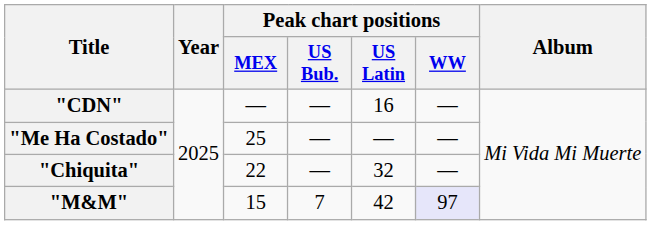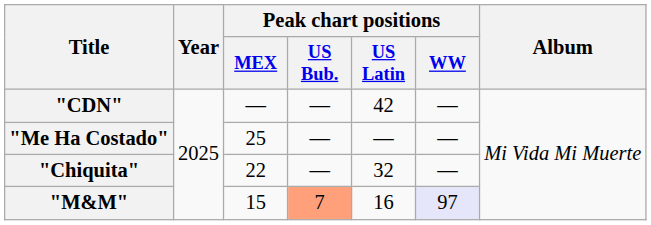 <table class="wikitable plainrowheaders" style="text-align: center">
 <tr>
 <th scope="col" rowspan="2">Title</th>
 <th scope="col" rowspan="2">Year</th>
 <th scope="col" colspan="4">Peak chart positions</th>
 <th scope="col" rowspan="2">Album</th>
 </tr>
 <tr>
 <th scope="col" style="width:3em; font-size:90%"><a href='#'>MEX</a><br></th>
 <th scope="col" style="width:3em; font-size:90%"><a href='#'>US<br>Bub.</a><br></th>
 <th scope="col" style="width:3em; font-size:90%"><a href='#'>US<br>Latin</a><br></th>
 <th scope="col" style="width:3em; font-size:90%"><a href='#'>WW</a><br></th>
 </tr>
 <tr>
 <th scope="row">"CDN"<br></th>
 <td rowspan="4">2025</td>
 <td>—</td>
 <td>—</td>
-<td>16</td>
+<td>42</td>
 <td>—</td>
 <td rowspan="4"><em>Mi Vida Mi Muerte</em></td>
 </tr>
 <tr>
 <th scope="row">"Me Ha Costado"<br></th>
 <td>25</td>
 <td>—</td>
 <td>—</td>
 <td>—</td>
 </tr>
 <tr>
 <th scope="row">"Chiquita"<br></th>
 <td>22</td>
 <td>—</td>
 <td>32</td>
 <td>—</td>
 </tr>
 <tr>
 <th scope="row">"M&M"</th>
 <td>15</td>
-<td>7</td>
-<td>42</td>
+<td style="background: lightsalmon;">7</td>
+<td>16</td>
 <td style="background: lavender;">97</td>
 </tr>
 </table>
